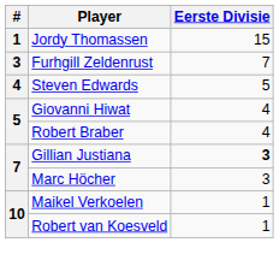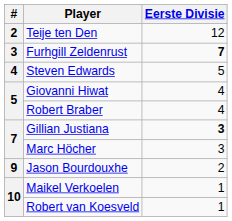 <table class="wikitable" style="text-align:right;">
 <tr>
 <th>#</th>
 <th>Player</th>
 <th><a href='#'>Eerste Divisie</a></th>
 </tr>
 <tr>
-<th align=center>1</th>
-<td align=left> <a href='#'>Jordy Thomassen</a></td>
-<td>15</td>
+<th align=center>2</th>
+<td align=left> <a href='#'>Teije ten Den</a></td>
+<td>12</td>
 </tr>
 <tr>
 <th align=center>3</th>
 <td align=left> <a href='#'>Furhgill Zeldenrust</a></td>
-<td>7</td>
+<td><strong>7</strong></td>
 </tr>
 <tr>
 <th align=center>4</th>
 <td align=left> <a href='#'>Steven Edwards</a></td>
 <td>5</td>
 </tr>
 <tr>
 <th rowspan=2 align=center>5</th>
 <td align=left> <a href='#'>Giovanni Hiwat</a></td>
 <td>4</td>
 </tr>
 <tr>
 <td align=left> <a href='#'>Robert Braber</a></td>
 <td>4</td>
 </tr>
 <tr>
 <th rowspan=2 align=center>7</th>
 <td align=left> <a href='#'>Gillian Justiana</a></td>
 <td><strong>3</strong></td>
 </tr>
 <tr>
 <td align=left> <a href='#'>Marc Höcher</a></td>
 <td>3</td>
 </tr>
 <tr>
+<th align=center>9</th>
+<td align=left> <a href='#'>Jason Bourdouxhe</a></td>
+<td>2</td>
+</tr>
+<tr>
 <th rowspan=2 align=center>10</th>
 <td align=left> <a href='#'>Maikel Verkoelen</a></td>
 <td>1</td>
 </tr>
 <tr>
 <td align=left> <a href='#'>Robert van Koesveld</a></td>
 <td>1</td>
 </tr>
 </table>
